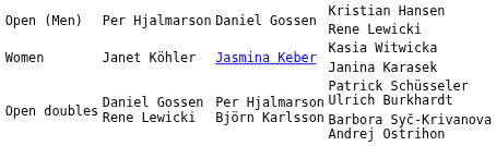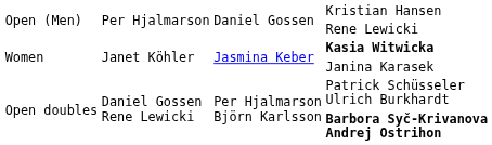 <table>
 <tr>
 <td rowspan="2">Open (Men)<br></td>
 <td rowspan="2"> Per Hjalmarson</td>
 <td rowspan="2"> Daniel Gossen</td>
 <td> Kristian Hansen</td>
 </tr>
 <tr>
 <td> Rene Lewicki</td>
 </tr>
 <tr>
 <td rowspan="2">Women<br></td>
 <td rowspan="2"> Janet Köhler</td>
 <td rowspan="2"> <a href='#'>Jasmina Keber</a></td>
-<td> Kasia Witwicka</td>
+<td><strong> Kasia Witwicka</strong></td>
 </tr>
 <tr>
 <td> Janina Karasek</td>
 </tr>
 <tr>
 <td rowspan="2">Open doubles<br></td>
 <td rowspan="2"> Daniel Gossen<br> Rene Lewicki</td>
 <td rowspan="2"> Per Hjalmarson<br> Björn Karlsson</td>
 <td> Patrick Schüsseler<br> Ulrich Burkhardt</td>
 </tr>
 <tr>
-<td> Barbora Syč-Krivanova<br> Andrej Ostrihon</td>
+<td><strong> Barbora Syč-Krivanova<br> Andrej Ostrihon</strong></td>
 </tr>
 </table>
